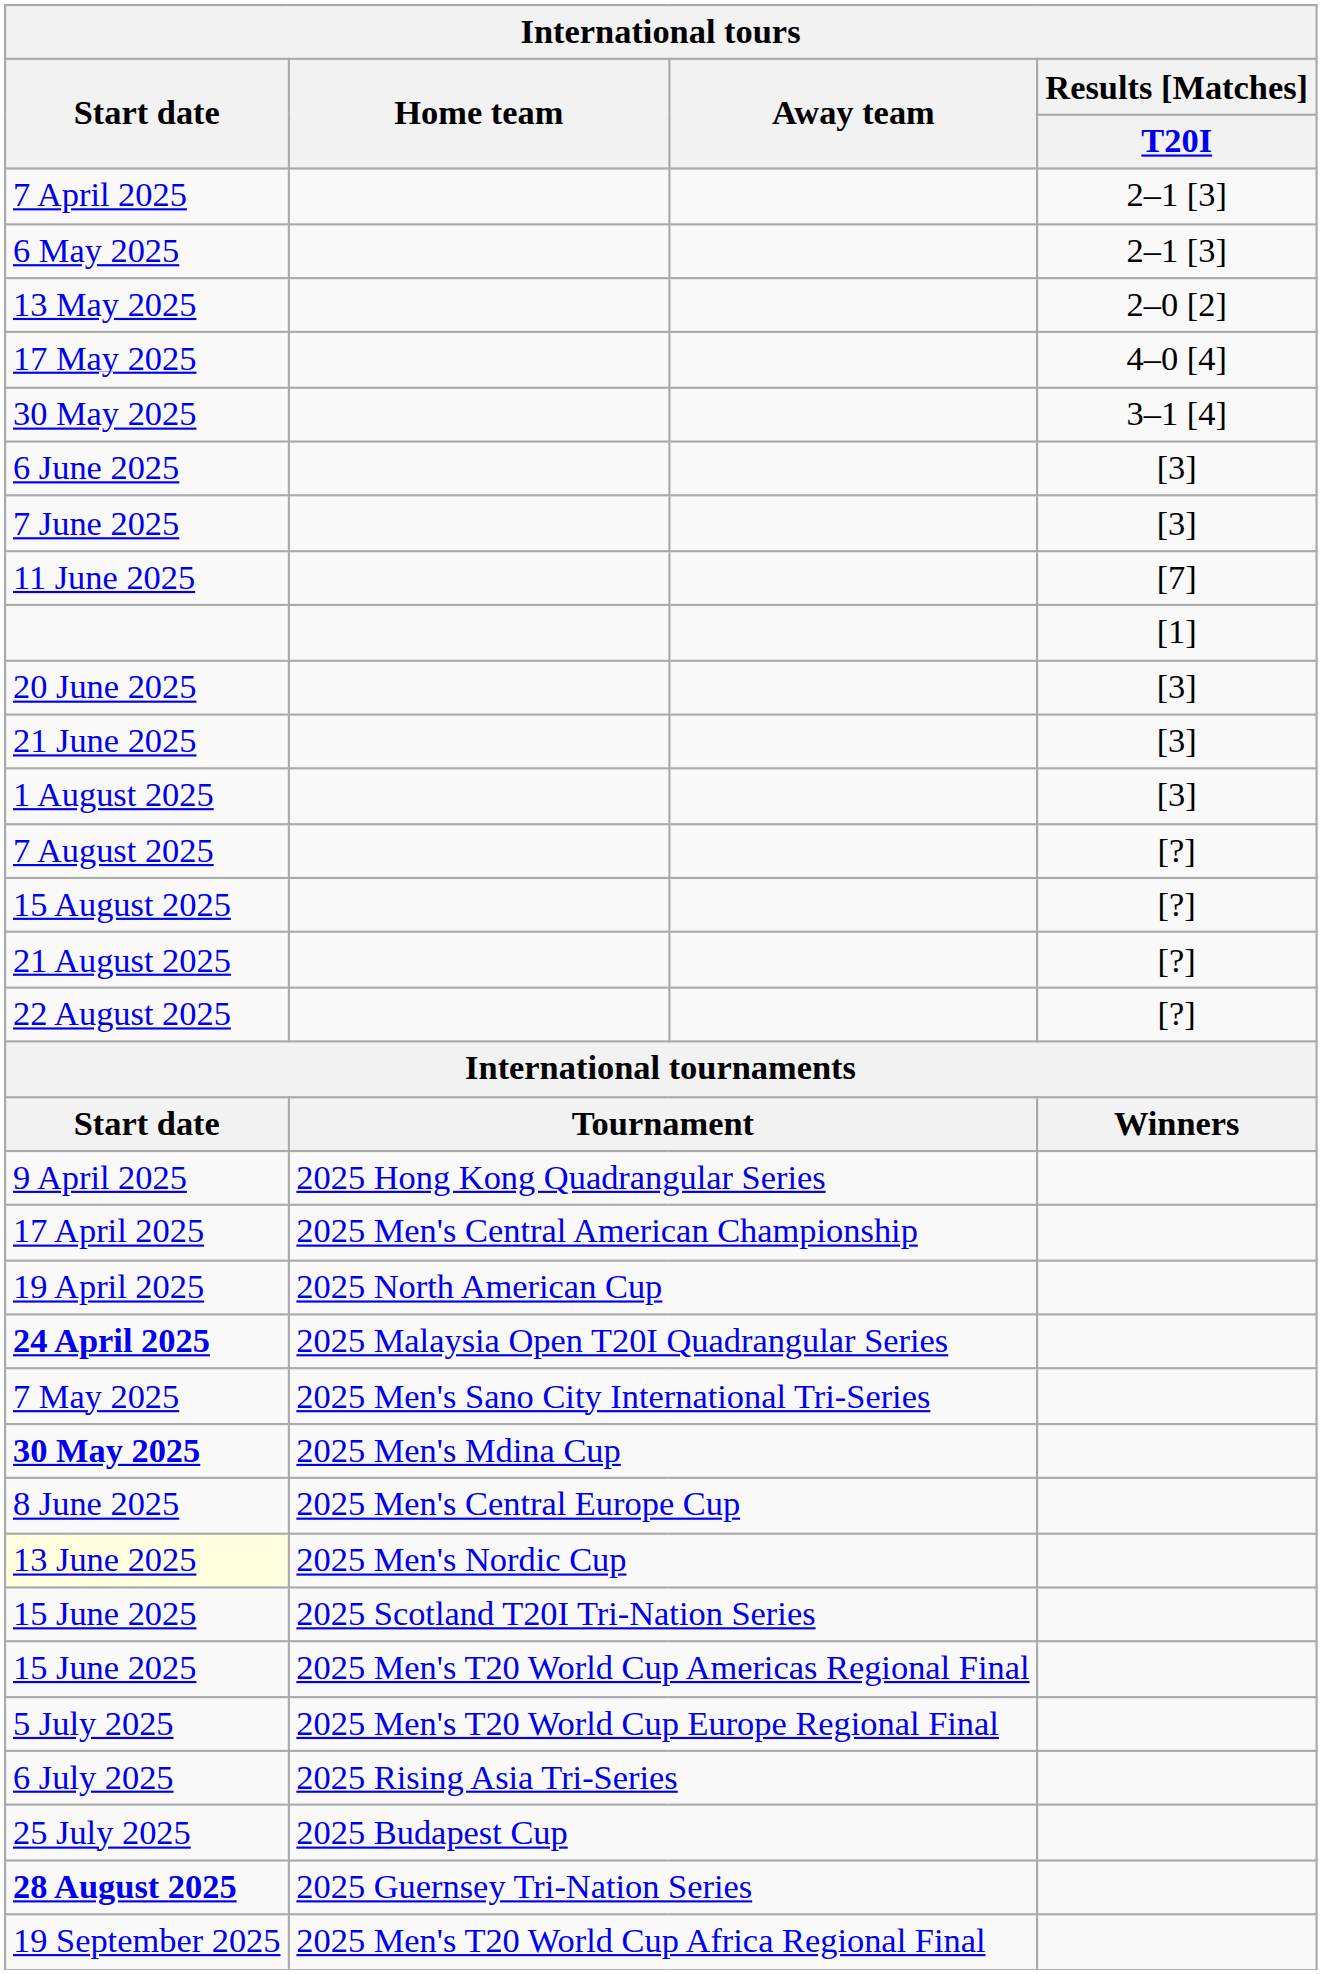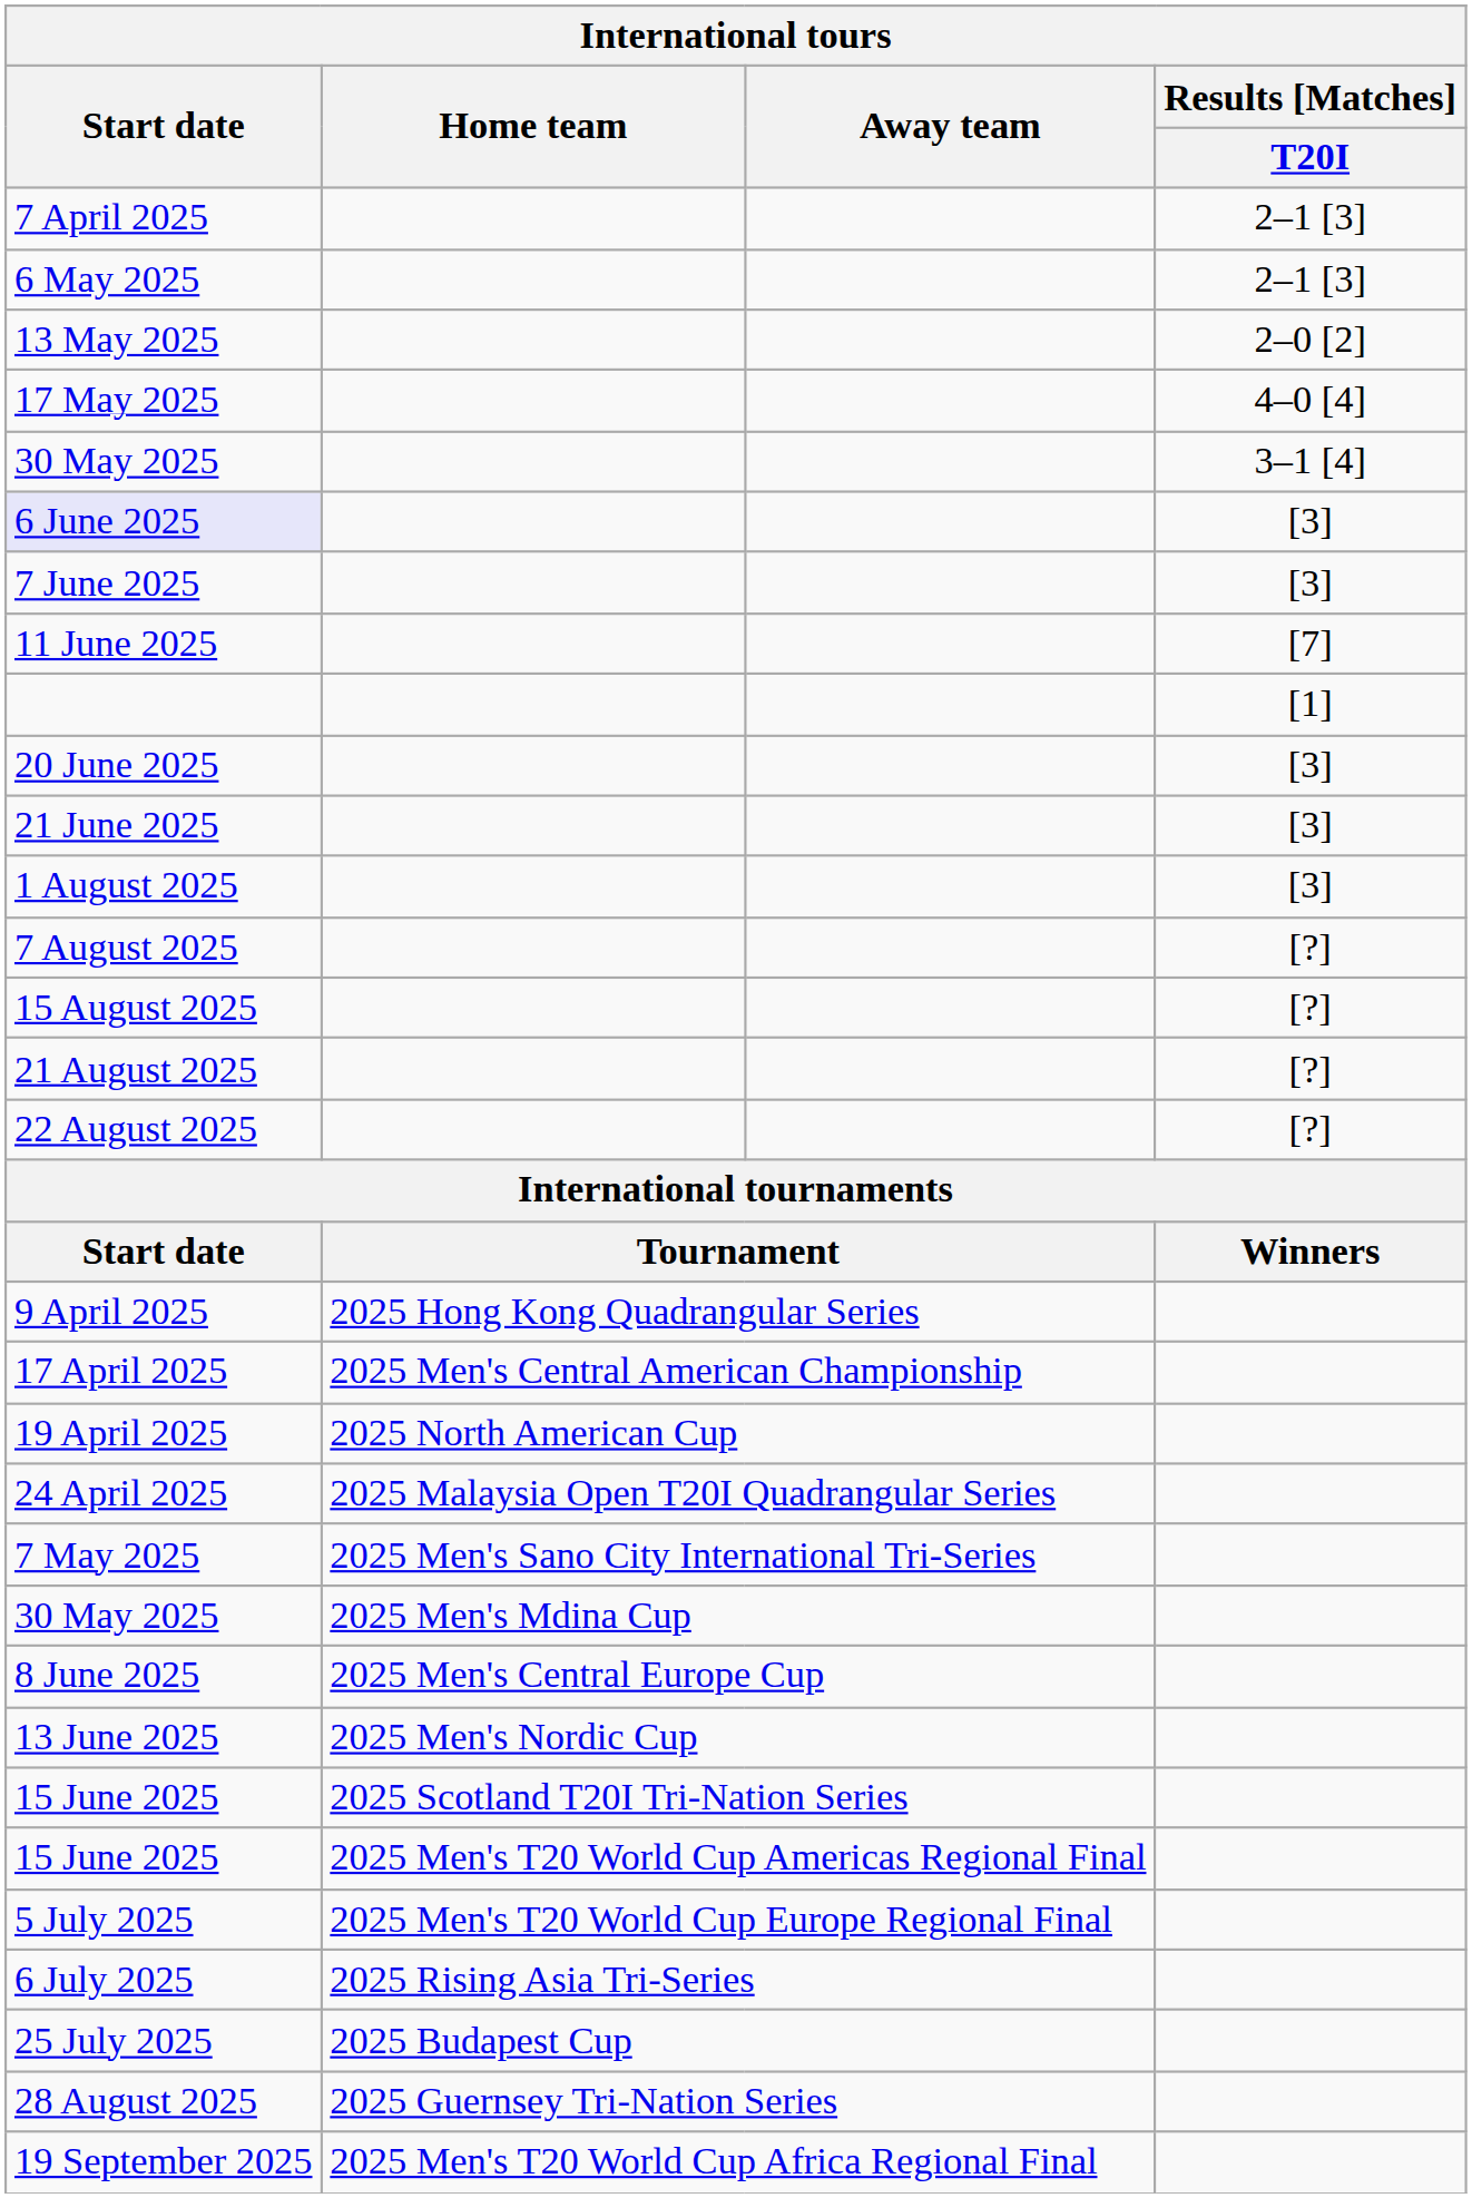 <table class="wikitable" style="text-align:center;">
 <tr>
 <th colspan=4>International tours</th>
 </tr>
 <tr>
 <th rowspan=2>Start date</th>
 <th rowspan=2>Home team</th>
 <th rowspan=2>Away team</th>
 <th>Results [Matches]</th>
 </tr>
 <tr>
 <th><a href='#'>T20I</a></th>
 </tr>
 <tr>
 <td style="text-align:left"><a href='#'>7 April 2025</a></td>
 <td style="text-align:left"></td>
 <td style="text-align:left"></td>
 <td colspan=3>2–1 [3]</td>
 </tr>
 <tr>
 <td style="text-align:left"><a href='#'>6 May 2025</a></td>
 <td style="text-align:left"></td>
 <td style="text-align:left"></td>
 <td colspan=3>2–1 [3]</td>
 </tr>
 <tr>
 <td style="text-align:left"><a href='#'>13 May 2025</a></td>
 <td style="text-align:left"></td>
 <td style="text-align:left"></td>
 <td colspan=3>2–0 [2]</td>
 </tr>
 <tr>
 <td style="text-align:left"><a href='#'>17 May 2025</a></td>
 <td style="text-align:left"></td>
 <td style="text-align:left"></td>
 <td colspan=3>4–0 [4]</td>
 </tr>
 <tr>
 <td style="text-align:left"><a href='#'>30 May 2025</a></td>
 <td style="text-align:left"></td>
 <td style="text-align:left"></td>
 <td colspan=3>3–1 [4]</td>
 </tr>
 <tr>
-<td style="text-align:left"><a href='#'>6 June 2025</a></td>
+<td style="background: lavender; text-align:left"><a href='#'>6 June 2025</a></td>
 <td style="text-align:left"></td>
 <td style="text-align:left"></td>
 <td colspan=3>[3]</td>
 </tr>
 <tr>
 <td style="text-align:left"><a href='#'>7 June 2025</a></td>
 <td style="text-align:left"></td>
 <td style="text-align:left"></td>
 <td colspan=3>[3]</td>
 </tr>
 <tr>
 <td style="text-align:left"><a href='#'>11 June 2025</a></td>
 <td style="text-align:left"></td>
 <td style="text-align:left"></td>
 <td colspan=3>[7]</td>
 </tr>
 <tr>
 <td style="text-align:left"><a href='#'></a></td>
 <td style="text-align:left"> </td>
 <td style="text-align:left"></td>
 <td colspan=3>[1]</td>
 </tr>
 <tr>
 <td style="text-align:left"><a href='#'>20 June 2025</a></td>
 <td style="text-align:left"></td>
 <td style="text-align:left"></td>
 <td colspan=3>[3]</td>
 </tr>
 <tr>
 <td style="text-align:left"><a href='#'>21 June 2025</a></td>
 <td style="text-align:left"></td>
 <td style="text-align:left"></td>
 <td colspan=3>[3]</td>
 </tr>
 <tr>
 <td style="text-align:left"><a href='#'>1 August 2025</a></td>
 <td style="text-align:left"></td>
 <td style="text-align:left"></td>
 <td colspan=3>[3]</td>
 </tr>
 <tr>
 <td style="text-align:left"><a href='#'>7 August 2025</a></td>
 <td style="text-align:left"></td>
 <td style="text-align:left"></td>
 <td colspan=3>[?]</td>
 </tr>
 <tr>
 <td style="text-align:left"><a href='#'>15 August 2025</a></td>
 <td style="text-align:left"></td>
 <td style="text-align:left"></td>
 <td colspan=3>[?]</td>
 </tr>
 <tr>
 <td style="text-align:left"><a href='#'>21 August 2025</a></td>
 <td style="text-align:left"></td>
 <td style="text-align:left"></td>
 <td colspan=3>[?]</td>
 </tr>
 <tr>
 <td style="text-align:left"><a href='#'>22 August 2025</a></td>
 <td style="text-align:left"></td>
 <td style="text-align:left"></td>
 <td colspan=3>[?]</td>
 </tr>
 <tr>
 <th colspan=4>International tournaments</th>
 </tr>
 <tr>
 <th>Start date</th>
 <th colspan=2>Tournament</th>
 <th>Winners</th>
 </tr>
 <tr>
 <td style="text-align:left"><a href='#'>9 April 2025</a></td>
 <td style="text-align:left" colspan=2> <a href='#'>2025 Hong Kong Quadrangular Series</a></td>
 <td style="text-align:left"></td>
 </tr>
 <tr>
 <td style="text-align:left"><a href='#'>17 April 2025</a></td>
 <td style="text-align:left" colspan=2> <a href='#'>2025 Men's Central American Championship</a></td>
 <td style="text-align:left"><br></td>
 </tr>
 <tr>
 <td style="text-align:left"><a href='#'>19 April 2025</a></td>
 <td style="text-align:left" colspan=2> <a href='#'>2025 North American Cup</a></td>
 <td style="text-align:left"></td>
 </tr>
 <tr>
-<td style="text-align:left"><strong><a href='#'>24 April 2025</a></strong></td>
+<td style="text-align:left"><a href='#'>24 April 2025</a></td>
 <td style="text-align:left" colspan=2> <a href='#'>2025 Malaysia Open T20I Quadrangular Series</a></td>
 <td style="text-align:left"></td>
 </tr>
 <tr>
 <td style="text-align:left"><a href='#'>7 May 2025</a></td>
 <td style="text-align:left" colspan=2> <a href='#'>2025 Men's Sano City International Tri-Series</a></td>
 <td style="text-align:left"></td>
 </tr>
 <tr>
-<td style="text-align:left"><strong><a href='#'>30 May 2025</a></strong></td>
+<td style="text-align:left"><a href='#'>30 May 2025</a></td>
 <td style="text-align:left" colspan=2> <a href='#'>2025 Men's Mdina Cup</a></td>
 <td style="text-align:left"></td>
 </tr>
 <tr>
 <td style="text-align:left"><a href='#'>8 June 2025</a></td>
 <td style="text-align:left" colspan=2> <a href='#'>2025 Men's Central Europe Cup</a></td>
 <td style="text-align:left"></td>
 </tr>
 <tr>
-<td style="background: lightyellow; text-align:left"><a href='#'>13 June 2025</a></td>
+<td style="text-align:left"><a href='#'>13 June 2025</a></td>
 <td style="text-align:left" colspan=2> <a href='#'>2025 Men's Nordic Cup</a></td>
 <td style="text-align:left"></td>
 </tr>
 <tr>
 <td style="text-align:left"><a href='#'>15 June 2025</a></td>
 <td colspan="2" style="text-align:left"> <a href='#'>2025 Scotland T20I Tri-Nation Series</a></td>
 <td style="text-align:left"></td>
 </tr>
 <tr>
 <td style="text-align:left"><a href='#'>15 June 2025</a></td>
 <td style="text-align:left" colspan=2> <a href='#'>2025 Men's T20 World Cup Americas Regional Final</a></td>
 <td style="text-align:left"></td>
 </tr>
 <tr>
 <td style="text-align:left"><a href='#'>5 July 2025</a></td>
 <td style="text-align:left" colspan=2> <a href='#'>2025 Men's T20 World Cup Europe Regional Final</a></td>
 <td style="text-align:left"></td>
 </tr>
 <tr>
 <td style="text-align:left"><a href='#'>6 July 2025</a></td>
 <td style="text-align:left" colspan=2> <a href='#'>2025 Rising Asia Tri-Series</a></td>
 <td style="text-align:left"></td>
 </tr>
 <tr>
 <td style="text-align:left"><a href='#'>25 July 2025</a></td>
 <td colspan="2" style="text-align:left"> <a href='#'>2025 Budapest Cup</a></td>
 <td style="text-align:left"></td>
 </tr>
 <tr>
-<td style="text-align:left"><strong><a href='#'>28 August 2025</a></strong></td>
+<td style="text-align:left"><a href='#'>28 August 2025</a></td>
 <td colspan="2" style="text-align:left"> <a href='#'>2025 Guernsey Tri-Nation Series</a></td>
 <td style="text-align:left"></td>
 </tr>
 <tr>
 <td style="text-align:left"><a href='#'>19 September 2025</a></td>
 <td style="text-align:left" colspan=2> <a href='#'>2025 Men's T20 World Cup Africa Regional Final</a></td>
 <td style="text-align:left"></td>
 </tr>
 </table>
